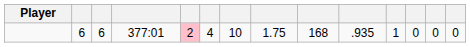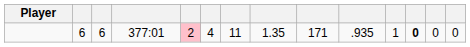 <table class="wikitable sortable" style="width:100%; text-align:center;">
 <tr style="text-align:center; background:#ddd;">
 <th>Player</th>
 <th></th>
 <th></th>
 <th></th>
 <th></th>
 <th></th>
 <th></th>
 <th></th>
 <th></th>
 <th></th>
 <th></th>
 <th></th>
 <th></th>
 <th></th>
 </tr>
 <tr align=center>
 <td></td>
 <td>6</td>
 <td>6</td>
 <td>377:01</td>
 <td style="background: pink;">2</td>
 <td>4</td>
-<td>10</td>
-<td>1.75</td>
-<td>168</td>
+<td>11</td>
+<td>1.35</td>
+<td>171</td>
 <td>.935</td>
 <td>1</td>
-<td>0</td>
+<td><strong>0</strong></td>
 <td>0</td>
 <td>0</td>
 </tr>
 </table>
